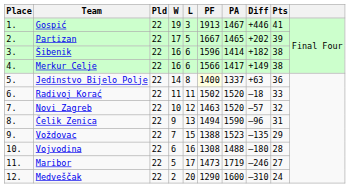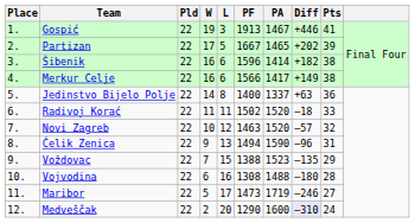 <table class="wikitable">
 <tr>
 <th>Place</th>
 <th>Team</th>
 <th>Pld</th>
 <th>W</th>
 <th>L</th>
 <th>PF</th>
 <th>PA</th>
 <th>Diff</th>
 <th>Pts</th>
 <th></th>
 </tr>
 <tr bgcolor=#ccffcc>
 <td>1.</td>
 <td> <a href='#'>Gospić</a></td>
 <td>22</td>
 <td>19</td>
 <td>3</td>
 <td>1913</td>
 <td>1467</td>
 <td>+446</td>
 <td>41</td>
 <td rowspan="4">Final Four</td>
 </tr>
 <tr bgcolor=#ccffcc>
 <td>2.</td>
 <td> <a href='#'>Partizan</a></td>
 <td>22</td>
 <td>17</td>
 <td>5</td>
 <td>1667</td>
 <td>1465</td>
 <td>+202</td>
 <td>39</td>
 </tr>
 <tr bgcolor=#ccffcc>
 <td>3.</td>
 <td> <a href='#'>Šibenik</a></td>
 <td>22</td>
 <td>16</td>
 <td>6</td>
 <td>1596</td>
 <td>1414</td>
 <td>+182</td>
 <td>38</td>
 </tr>
 <tr bgcolor=#ccffcc>
 <td>4.</td>
 <td> <a href='#'>Merkur Celje</a></td>
 <td>22</td>
 <td>16</td>
 <td>6</td>
 <td>1566</td>
 <td>1417</td>
 <td>+149</td>
 <td>38</td>
 </tr>
 <tr>
 <td>5.</td>
 <td> <a href='#'>Jedinstvo Bijelo Polje</a></td>
 <td>22</td>
 <td>14</td>
 <td>8</td>
-<td style="background: lightyellow;">1400</td>
+<td>1400</td>
 <td>1337</td>
 <td>+63</td>
 <td>36</td>
 <td rowspan="8"></td>
 </tr>
 <tr>
 <td>6.</td>
 <td> <a href='#'>Radivoj Korać</a></td>
 <td>22</td>
 <td>11</td>
 <td>11</td>
 <td>1502</td>
 <td>1520</td>
 <td>–18</td>
 <td>33</td>
 </tr>
 <tr>
 <td>7.</td>
 <td> <a href='#'>Novi Zagreb</a></td>
 <td>22</td>
 <td>10</td>
 <td>12</td>
 <td>1463</td>
 <td>1520</td>
 <td>–57</td>
 <td>32</td>
 </tr>
 <tr>
 <td>8.</td>
 <td> <a href='#'>Čelik Zenica</a></td>
 <td>22</td>
 <td>9</td>
 <td>13</td>
 <td>1494</td>
 <td>1590</td>
 <td>–96</td>
 <td>31</td>
 </tr>
 <tr>
 <td>9.</td>
 <td> <a href='#'>Voždovac</a></td>
 <td>22</td>
 <td>7</td>
 <td>15</td>
 <td>1388</td>
 <td>1523</td>
 <td>–135</td>
 <td>29</td>
 </tr>
 <tr>
 <td>10.</td>
 <td> <a href='#'>Vojvodina</a></td>
 <td>22</td>
 <td>6</td>
 <td>16</td>
 <td>1308</td>
 <td>1488</td>
 <td>–180</td>
 <td>28</td>
 </tr>
 <tr>
 <td>11.</td>
 <td> <a href='#'>Maribor</a></td>
 <td>22</td>
 <td>5</td>
 <td>17</td>
 <td>1473</td>
 <td>1719</td>
 <td>–246</td>
 <td>27</td>
 </tr>
 <tr>
 <td>12.</td>
 <td> <a href='#'>Medveščak</a></td>
 <td>22</td>
 <td>2</td>
 <td>20</td>
 <td>1290</td>
 <td>1600</td>
-<td>–310</td>
+<td style="background: lavender;">–310</td>
 <td>24</td>
 </tr>
 </table>
